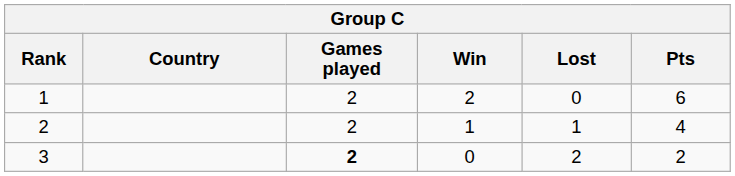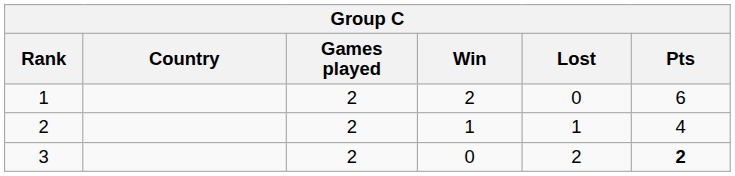 <table class="wikitable" style= "text-align: center; Width:50%">
 <tr>
 <th colspan= 6>Group C</th>
 </tr>
 <tr>
 <th width=2%>Rank</th>
 <th width=10%>Country</th>
 <th width=5%>Games <br> played</th>
 <th width=5%>Win</th>
 <th width=5%>Lost</th>
 <th width=5%>Pts</th>
 </tr>
 <tr>
 <td>1</td>
 <td style= "text-align: left"></td>
 <td>2</td>
 <td>2</td>
 <td>0</td>
 <td>6</td>
 </tr>
 <tr>
 <td>2</td>
 <td style= "text-align: left"></td>
 <td>2</td>
 <td>1</td>
 <td>1</td>
 <td>4</td>
 </tr>
 <tr>
 <td>3</td>
 <td style= "text-align: left"></td>
-<td><strong>2</strong></td>
+<td>2</td>
 <td>0</td>
 <td>2</td>
-<td>2</td>
+<td><strong>2</strong></td>
 </tr>
 </table>
